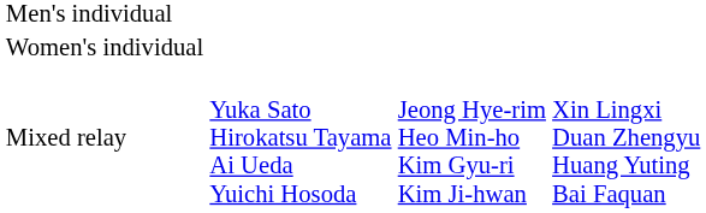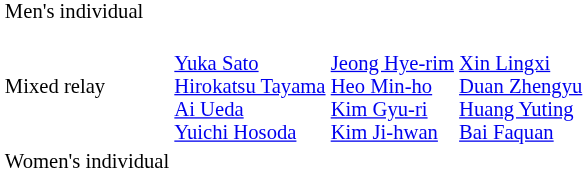 <table>
 <tr>
 <td>Men's individual<br></td>
-<td></td>
-<td></td>
-<td></td>
-</tr>
-<tr>
-<td>Women's individual<br></td>
 <td></td>
 <td></td>
 <td></td>
 </tr>
 <tr>
 <td>Mixed relay<br></td>
 <td><br><a href='#'>Yuka Sato</a><br><a href='#'>Hirokatsu Tayama</a><br><a href='#'>Ai Ueda</a><br><a href='#'>Yuichi Hosoda</a></td>
 <td><br><a href='#'>Jeong Hye-rim</a><br><a href='#'>Heo Min-ho</a><br><a href='#'>Kim Gyu-ri</a><br><a href='#'>Kim Ji-hwan</a></td>
 <td><br><a href='#'>Xin Lingxi</a><br><a href='#'>Duan Zhengyu</a><br><a href='#'>Huang Yuting</a><br><a href='#'>Bai Faquan</a></td>
 </tr>
+<tr>
+<td>Women's individual<br></td>
+<td></td>
+<td></td>
+<td></td>
+</tr>
 </table>
